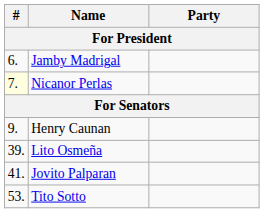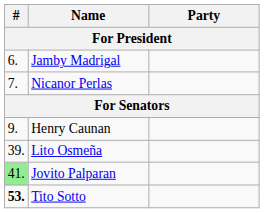 <table class=wikitable style="font-size:90%">
 <tr>
 <th>#</th>
 <th width=120px>Name</th>
 <th colspan=2 width=110px>Party</th>
 </tr>
 <tr>
 <th colspan=5>For President</th>
 </tr>
 <tr>
 <td>6.</td>
 <td><a href='#'>Jamby Madrigal</a></td>
 <td></td>
 </tr>
 <tr>
-<td style="background: lightyellow;">7.</td>
+<td>7.</td>
 <td><a href='#'>Nicanor Perlas</a></td>
 <td></td>
 </tr>
 <tr>
 <th colspan=5>For Senators</th>
 </tr>
 <tr>
 <td>9.</td>
 <td>Henry Caunan</td>
 <td></td>
 </tr>
 <tr>
 <td>39.</td>
 <td><a href='#'>Lito Osmeña</a></td>
 <td></td>
 </tr>
 <tr>
-<td>41.</td>
+<td style="background: lightgreen;">41.</td>
 <td><a href='#'>Jovito Palparan</a></td>
 <td></td>
 </tr>
 <tr>
-<td>53.</td>
+<td><strong>53.</strong></td>
 <td><a href='#'>Tito Sotto</a></td>
 <td></td>
 </tr>
 </table>
